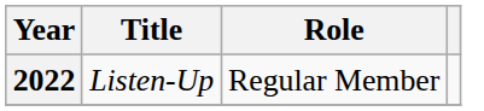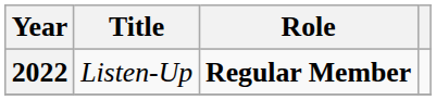 <table class="wikitable  plainrowheaders">
 <tr>
 <th scope="col">Year</th>
 <th scope="col">Title</th>
 <th scope="col">Role</th>
 <th scope="col" class="unsortable"></th>
 </tr>
 <tr>
 <th scope="row">2022</th>
 <td><em>Listen-Up</em></td>
-<td>Regular Member</td>
+<td><strong>Regular Member</strong></td>
 <td></td>
 </tr>
 <tr>
 </tr>
 </table>
